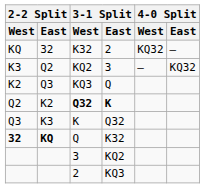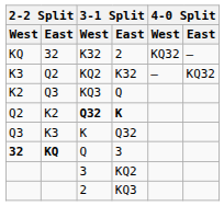 <table class="wikitable" style="float:right; margin-top:10px; margin-left:20px;">
 <tr>
 <th colspan=2>2-2 Split</th>
 <th colspan=2>3-1 Split</th>
 <th colspan=2>4-0 Split</th>
 </tr>
 <tr>
 <th width=16.6%>West</th>
 <th width=16.6%>East</th>
 <th width=16.7%>West</th>
 <th width=16.7%>East</th>
 <th width=16.7%>West</th>
 <th width=16.7%>East</th>
 </tr>
 <tr>
 <td>KQ</td>
 <td>32</td>
 <td>K32</td>
 <td>2</td>
 <td>KQ32</td>
 <td>—</td>
 </tr>
 <tr>
 <td>K3</td>
 <td>Q2</td>
 <td>KQ2</td>
-<td>3</td>
+<td>K32</td>
 <td>—</td>
 <td>KQ32</td>
 </tr>
 <tr>
 <td>K2</td>
 <td>Q3</td>
 <td>KQ3</td>
 <td>Q</td>
 <td></td>
 <td></td>
 </tr>
 <tr>
 <td>Q2</td>
 <td>K2</td>
 <td><strong>Q32</strong></td>
 <td><strong>K</strong></td>
 <td></td>
 <td></td>
 </tr>
 <tr>
 <td>Q3</td>
 <td>K3</td>
 <td>K</td>
 <td>Q32</td>
 <td></td>
 <td></td>
 </tr>
 <tr>
 <td><strong>32</strong></td>
 <td><strong>KQ</strong></td>
 <td>Q</td>
-<td>K32</td>
+<td>3</td>
 <td></td>
 <td></td>
 </tr>
 <tr>
 <td></td>
 <td></td>
 <td>3</td>
 <td>KQ2</td>
 <td></td>
 <td></td>
 </tr>
 <tr>
 <td></td>
 <td></td>
 <td>2</td>
 <td>KQ3</td>
 <td></td>
 <td></td>
 </tr>
 </table>
